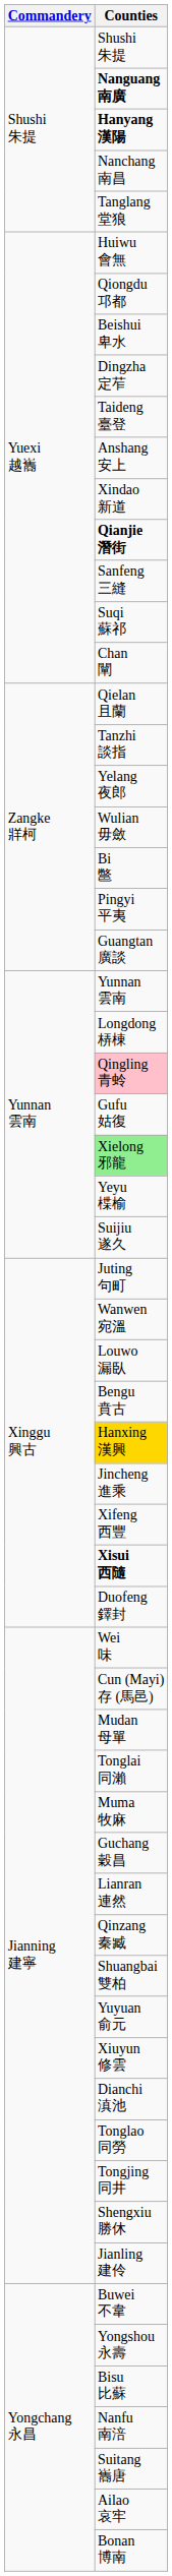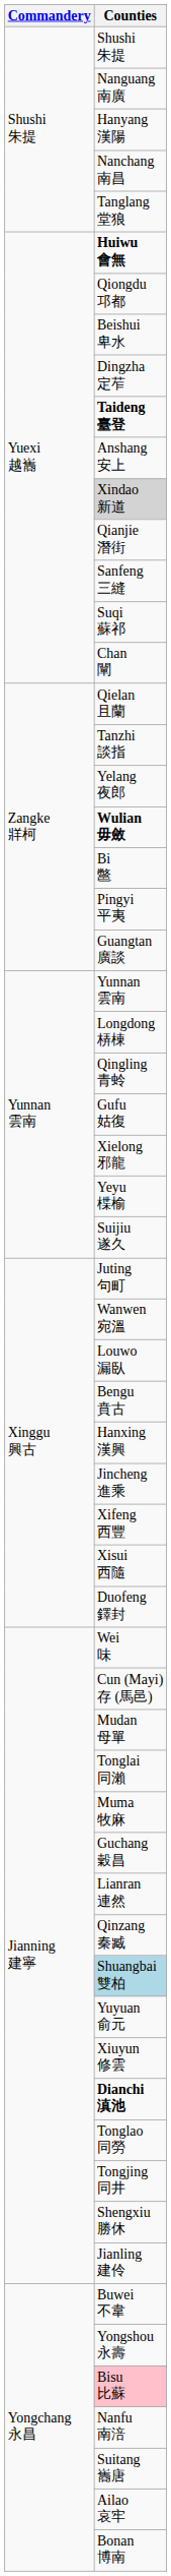 <table class="wikitable sortable">
 <tr>
 <th><a href='#'>Commandery</a></th>
 <th>Counties</th>
 </tr>
 <tr>
 <td rowspan=5>Shushi<br>朱提</td>
 <td>Shushi<br>朱提</td>
 </tr>
 <tr>
-<td><strong>Nanguang<br>南廣</strong></td>
+<td>Nanguang<br>南廣</td>
 </tr>
 <tr>
-<td><strong>Hanyang<br>漢陽</strong></td>
+<td>Hanyang<br>漢陽</td>
 </tr>
 <tr>
 <td>Nanchang<br>南昌</td>
 </tr>
 <tr>
 <td>Tanglang<br>堂狼</td>
 </tr>
 <tr>
 <td rowspan=11>Yuexi<br>越巂</td>
-<td>Huiwu<br>會無</td>
+<td><strong>Huiwu<br>會無</strong></td>
 </tr>
 <tr>
 <td>Qiongdu<br>邛都</td>
 </tr>
 <tr>
 <td>Beishui<br>卑水</td>
 </tr>
 <tr>
 <td>Dingzha<br>定苲</td>
 </tr>
 <tr>
-<td>Taideng<br>臺登</td>
+<td><strong>Taideng<br>臺登</strong></td>
 </tr>
 <tr>
 <td>Anshang<br>安上</td>
 </tr>
 <tr>
-<td>Xindao<br>新道</td>
+<td style="background: lightgrey;">Xindao<br>新道</td>
 </tr>
 <tr>
-<td><strong>Qianjie<br>潛街</strong></td>
+<td>Qianjie<br>潛街</td>
 </tr>
 <tr>
 <td>Sanfeng<br>三縫</td>
 </tr>
 <tr>
 <td>Suqi<br>蘇祁</td>
 </tr>
 <tr>
 <td>Chan<br>闡</td>
 </tr>
 <tr>
 <td rowspan=7>Zangke<br>牂柯</td>
 <td>Qielan<br>且蘭</td>
 </tr>
 <tr>
 <td>Tanzhi<br>談指</td>
 </tr>
 <tr>
 <td>Yelang<br>夜郎</td>
 </tr>
 <tr>
-<td>Wulian<br>毋斂</td>
+<td><strong>Wulian<br>毋斂</strong></td>
 </tr>
 <tr>
 <td>Bi<br>鄨</td>
 </tr>
 <tr>
 <td>Pingyi<br>平夷</td>
 </tr>
 <tr>
 <td>Guangtan<br>廣談</td>
 </tr>
 <tr>
 <td rowspan=7>Yunnan<br>雲南</td>
 <td>Yunnan<br>雲南</td>
 </tr>
 <tr>
 <td>Longdong<br>梇棟</td>
 </tr>
 <tr>
-<td style="background: pink;">Qingling<br>青蛉</td>
+<td>Qingling<br>青蛉</td>
 </tr>
 <tr>
 <td>Gufu<br>姑復</td>
 </tr>
 <tr>
-<td style="background: lightgreen;">Xielong<br>邪龍</td>
+<td>Xielong<br>邪龍</td>
 </tr>
 <tr>
 <td>Yeyu<br>楪榆</td>
 </tr>
 <tr>
 <td>Suijiu<br>遂久</td>
 </tr>
 <tr>
 <td rowspan=9>Xinggu<br>興古</td>
 <td>Juting<br>句町</td>
 </tr>
 <tr>
 <td>Wanwen<br>宛溫</td>
 </tr>
 <tr>
 <td>Louwo<br>漏臥</td>
 </tr>
 <tr>
 <td>Bengu<br>賁古</td>
 </tr>
 <tr>
-<td style="background: gold;">Hanxing<br>漢興</td>
+<td>Hanxing<br>漢興</td>
 </tr>
 <tr>
 <td>Jincheng<br>進乘</td>
 </tr>
 <tr>
 <td>Xifeng<br>西豐</td>
 </tr>
 <tr>
-<td><strong>Xisui<br>西隨</strong></td>
+<td>Xisui<br>西隨</td>
 </tr>
 <tr>
 <td>Duofeng<br>鐸封</td>
 </tr>
 <tr>
 <td rowspan=16>Jianning<br>建寧</td>
 <td>Wei<br>味</td>
 </tr>
 <tr>
 <td>Cun (Mayi)<br>存 (馬邑)</td>
 </tr>
 <tr>
 <td>Mudan<br>母單</td>
 </tr>
 <tr>
 <td>Tonglai<br>同瀨</td>
 </tr>
 <tr>
 <td>Muma<br>牧麻</td>
 </tr>
 <tr>
 <td>Guchang<br>穀昌</td>
 </tr>
 <tr>
 <td>Lianran<br>連然</td>
 </tr>
 <tr>
 <td>Qinzang<br>秦臧</td>
 </tr>
 <tr>
-<td>Shuangbai<br>雙柏</td>
+<td style="background: lightblue;">Shuangbai<br>雙柏</td>
 </tr>
 <tr>
 <td>Yuyuan<br>俞元</td>
 </tr>
 <tr>
 <td>Xiuyun<br>修雲</td>
 </tr>
 <tr>
-<td>Dianchi<br>滇池</td>
+<td><strong>Dianchi<br>滇池</strong></td>
 </tr>
 <tr>
 <td>Tonglao<br>同勞</td>
 </tr>
 <tr>
 <td>Tongjing<br>同井</td>
 </tr>
 <tr>
 <td>Shengxiu<br>勝休</td>
 </tr>
 <tr>
 <td>Jianling<br>建伶</td>
 </tr>
 <tr>
 <td rowspan=7>Yongchang<br>永昌</td>
 <td>Buwei<br>不韋</td>
 </tr>
 <tr>
 <td>Yongshou<br>永壽</td>
 </tr>
 <tr>
-<td>Bisu<br>比蘇</td>
+<td style="background: pink;">Bisu<br>比蘇</td>
 </tr>
 <tr>
 <td>Nanfu<br>南涪</td>
 </tr>
 <tr>
 <td>Suitang<br>巂唐</td>
 </tr>
 <tr>
 <td>Ailao<br>哀牢</td>
 </tr>
 <tr>
 <td>Bonan<br>博南</td>
 </tr>
 </table>
